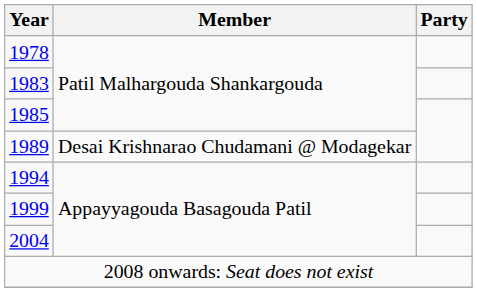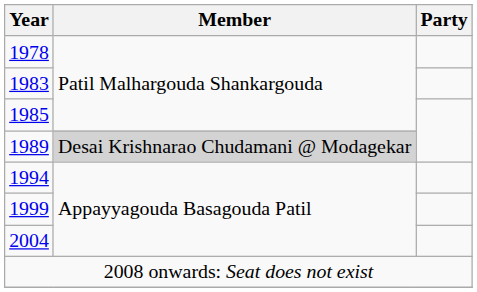 <table class="wikitable sortable">
 <tr>
 <th>Year</th>
 <th>Member</th>
 <th colspan="2">Party</th>
 </tr>
 <tr>
 <td><a href='#'>1978</a></td>
 <td rowspan=3>Patil Malhargouda Shankargouda</td>
 <td></td>
 </tr>
 <tr>
 <td><a href='#'>1983</a></td>
 <td></td>
 </tr>
 <tr>
 <td><a href='#'>1985</a></td>
 </tr>
 <tr>
 <td><a href='#'>1989</a></td>
-<td>Desai Krishnarao Chudamani @ Modagekar</td>
+<td style="background: lightgrey;">Desai Krishnarao Chudamani @ Modagekar</td>
 </tr>
 <tr>
 <td><a href='#'>1994</a></td>
 <td rowspan=3>Appayyagouda Basagouda Patil</td>
 <td></td>
 </tr>
 <tr>
 <td><a href='#'>1999</a></td>
 <td></td>
 </tr>
 <tr>
 <td><a href='#'>2004</a></td>
 <td></td>
 </tr>
 <tr>
 <td colspan=4 align=center>2008 onwards: <em>Seat does not exist</em></td>
 </tr>
 <tr>
 </tr>
 </table>
